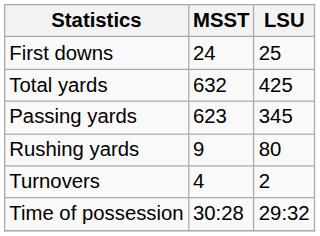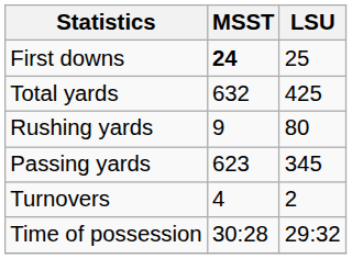 <table class="wikitable">
 <tr>
 <th>Statistics</th>
 <th>MSST</th>
 <th>LSU</th>
 </tr>
 <tr>
 <td>First downs</td>
-<td>24</td>
+<td><strong>24</strong></td>
 <td>25</td>
 </tr>
 <tr>
 <td>Total yards</td>
 <td>632</td>
 <td>425</td>
 </tr>
 <tr>
+<td>Rushing yards</td>
+<td>9</td>
+<td>80</td>
+</tr>
+<tr>
 <td>Passing yards</td>
 <td>623</td>
 <td>345</td>
-</tr>
-<tr>
-<td>Rushing yards</td>
-<td>9</td>
-<td>80</td>
 </tr>
 <tr>
 <td>Turnovers</td>
 <td>4</td>
 <td>2</td>
 </tr>
 <tr>
 <td>Time of possession</td>
 <td>30:28</td>
 <td>29:32</td>
 </tr>
 <tr>
 </tr>
 </table>
